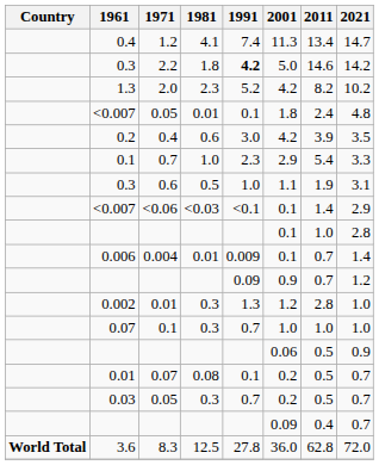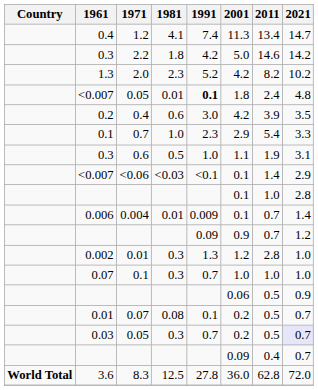 <table class="wikitable sortable">
 <tr>
 <th>Country</th>
 <th>1961</th>
 <th>1971</th>
 <th>1981</th>
 <th>1991</th>
 <th>2001</th>
 <th>2011</th>
 <th>2021</th>
 </tr>
 <tr style="text-align:right;">
 <td style="text-align:left;"></td>
 <td>0.4</td>
 <td>1.2</td>
 <td>4.1</td>
 <td>7.4</td>
 <td>11.3</td>
 <td>13.4</td>
 <td>14.7</td>
 </tr>
 <tr style="text-align:right;">
 <td style="text-align:left;"></td>
 <td>0.3</td>
 <td>2.2</td>
 <td>1.8</td>
-<td><strong>4.2</strong></td>
+<td>4.2</td>
 <td>5.0</td>
 <td>14.6</td>
 <td>14.2</td>
 </tr>
 <tr style="text-align:right;">
 <td style="text-align:left;"></td>
 <td>1.3</td>
 <td>2.0</td>
 <td>2.3</td>
 <td>5.2</td>
 <td>4.2</td>
 <td>8.2</td>
 <td>10.2</td>
 </tr>
 <tr style="text-align:right;">
 <td style="text-align:left;"></td>
 <td><0.007</td>
 <td>0.05</td>
 <td>0.01</td>
-<td>0.1</td>
+<td><strong>0.1</strong></td>
 <td>1.8</td>
 <td>2.4</td>
 <td>4.8</td>
 </tr>
 <tr style="text-align:right;">
 <td style="text-align:left;"></td>
 <td>0.2</td>
 <td>0.4</td>
 <td>0.6</td>
 <td>3.0</td>
 <td>4.2</td>
 <td>3.9</td>
 <td>3.5</td>
 </tr>
 <tr style="text-align:right;">
 <td style="text-align:left;"></td>
 <td>0.1</td>
 <td>0.7</td>
 <td>1.0</td>
 <td>2.3</td>
 <td>2.9</td>
 <td>5.4</td>
 <td>3.3</td>
 </tr>
 <tr style="text-align:right;">
 <td style="text-align:left;"></td>
 <td>0.3</td>
 <td>0.6</td>
 <td>0.5</td>
 <td>1.0</td>
 <td>1.1</td>
 <td>1.9</td>
 <td>3.1</td>
 </tr>
 <tr style="text-align:right;">
 <td style="text-align:left;"></td>
 <td><0.007</td>
 <td><0.06</td>
 <td><0.03</td>
 <td><0.1</td>
 <td>0.1</td>
 <td>1.4</td>
 <td>2.9</td>
 </tr>
 <tr style="text-align:right;">
 <td style="text-align:left;"></td>
 <td></td>
 <td></td>
 <td></td>
 <td></td>
 <td>0.1</td>
 <td>1.0</td>
 <td>2.8</td>
 </tr>
 <tr style="text-align:right;">
 <td style="text-align:left;"></td>
 <td>0.006</td>
 <td>0.004</td>
 <td>0.01</td>
 <td>0.009</td>
 <td>0.1</td>
 <td>0.7</td>
 <td>1.4</td>
 </tr>
 <tr style="text-align:right;">
 <td style="text-align:left;"></td>
 <td></td>
 <td></td>
 <td></td>
 <td>0.09</td>
 <td>0.9</td>
 <td>0.7</td>
 <td>1.2</td>
 </tr>
 <tr style="text-align:right;">
 <td style="text-align:left;"></td>
 <td>0.002</td>
 <td>0.01</td>
 <td>0.3</td>
 <td>1.3</td>
 <td>1.2</td>
 <td>2.8</td>
 <td>1.0</td>
 </tr>
 <tr style="text-align:right;">
 <td style="text-align:left;"></td>
 <td>0.07</td>
 <td>0.1</td>
 <td>0.3</td>
 <td>0.7</td>
 <td>1.0</td>
 <td>1.0</td>
 <td>1.0</td>
 </tr>
 <tr style="text-align:right;">
 <td style="text-align:left;"></td>
 <td></td>
 <td></td>
 <td></td>
 <td></td>
 <td>0.06</td>
 <td>0.5</td>
 <td>0.9</td>
 </tr>
 <tr style="text-align:right;">
 <td style="text-align:left;"></td>
 <td>0.01</td>
 <td>0.07</td>
 <td>0.08</td>
 <td>0.1</td>
 <td>0.2</td>
 <td>0.5</td>
 <td>0.7</td>
 </tr>
 <tr style="text-align:right;">
 <td style="text-align:left;"></td>
 <td>0.03</td>
 <td>0.05</td>
 <td>0.3</td>
 <td>0.7</td>
 <td>0.2</td>
 <td>0.5</td>
-<td>0.7</td>
+<td style="background: lavender;">0.7</td>
 </tr>
 <tr style="text-align:right;">
 <td style="text-align:left;"></td>
 <td></td>
 <td></td>
 <td></td>
 <td></td>
 <td>0.09</td>
 <td>0.4</td>
 <td>0.7</td>
 </tr>
 <tr style="text-align:right;">
 <td style="text-align:left;"><strong>World Total</strong></td>
 <td>3.6</td>
 <td>8.3</td>
 <td>12.5</td>
 <td>27.8</td>
 <td>36.0</td>
 <td>62.8</td>
 <td>72.0</td>
 </tr>
 <tr style="text-align:right;">
 </tr>
 </table>
